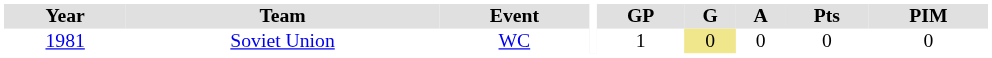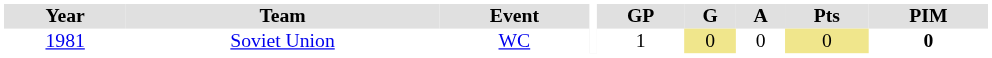 <table border="0" cellpadding="1" cellspacing="0" style="text-align:center; width:50em">
 <tr bgcolor="#e0e0e0">
 <th>Year</th>
 <th>Team</th>
 <th>Event</th>
 <th rowspan="99" bgcolor="#ffffff"></th>
 <th>GP</th>
 <th>G</th>
 <th>A</th>
 <th>Pts</th>
 <th>PIM</th>
 </tr>
 <tr>
 <td><a href='#'>1981</a></td>
 <td><a href='#'>Soviet Union</a></td>
 <td><a href='#'>WC</a></td>
 <td>1</td>
 <td style="background: khaki;">0</td>
 <td>0</td>
-<td>0</td>
-<td>0</td>
+<td style="background: khaki;">0</td>
+<td><strong>0</strong></td>
 </tr>
 </table>
